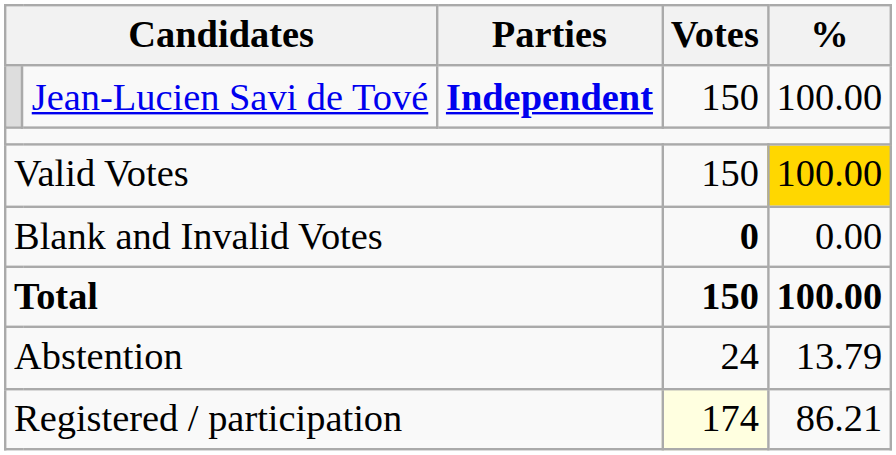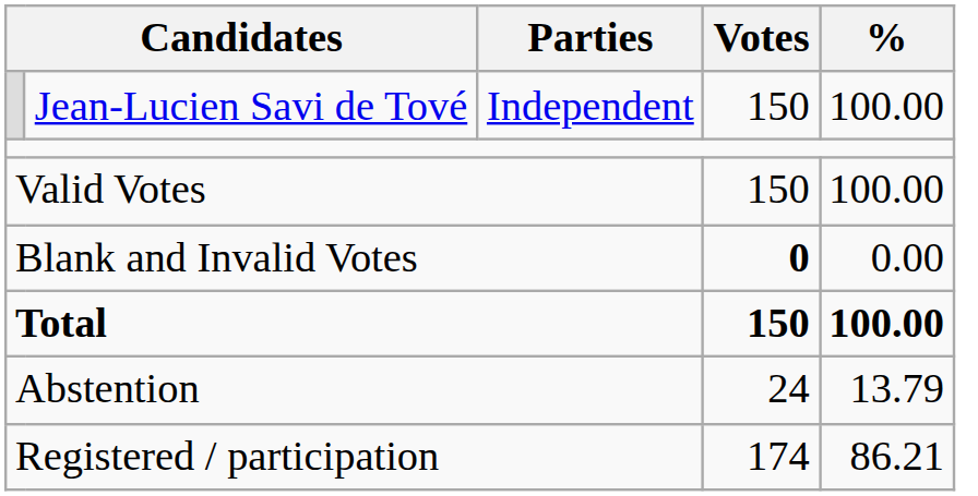 <table class="wikitable" style="font-size:100%; text-align:right">
 <tr>
 <th colspan=2>Candidates</th>
 <th>Parties</th>
 <th>Votes</th>
 <th>%</th>
 </tr>
 <tr>
 <td bgcolor=#dddddd></td>
 <td align=left><a href='#'>Jean-Lucien Savi de Tové</a></td>
-<td align=left><strong><a href='#'>Independent</a></strong></td>
+<td align=left><a href='#'>Independent</a></td>
 <td>150</td>
 <td>100.00</td>
 </tr>
 <tr>
 <td colspan=5></td>
 </tr>
 <tr>
 <td align=left colspan=3>Valid Votes</td>
 <td>150</td>
-<td style="background: gold;">100.00</td>
+<td>100.00</td>
 </tr>
 <tr>
 <td align=left colspan=3>Blank and Invalid Votes</td>
 <td><strong>0</strong></td>
 <td>0.00</td>
 </tr>
 <tr style="font-weight:bold;">
 <td align=left colspan=3>Total</td>
 <td>150</td>
 <td>100.00</td>
 </tr>
 <tr>
 <td align=left colspan=3>Abstention</td>
 <td>24</td>
 <td>13.79</td>
 </tr>
 <tr>
 <td align=left colspan=3>Registered / participation</td>
-<td style="background: lightyellow;">174</td>
+<td>174</td>
 <td>86.21</td>
 </tr>
 </table>
